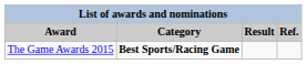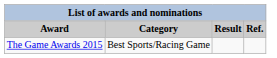 <table class="wikitable" style="font-size:90%">
 <tr>
 <th colspan="4" style="background:#B0C4DE;">List of awards and nominations</th>
 </tr>
 <tr>
 <th style="background:#ccc;">Award</th>
 <th style="background:#ccc;">Category</th>
 <th style="background:#ccc;">Result</th>
 <th style="background:#ccc;">Ref.</th>
 </tr>
 <tr>
 <td><a href='#'>The Game Awards 2015</a></td>
-<td><strong>Best Sports/Racing Game</strong></td>
+<td>Best Sports/Racing Game</td>
 <td></td>
 <td></td>
 </tr>
 </table>
